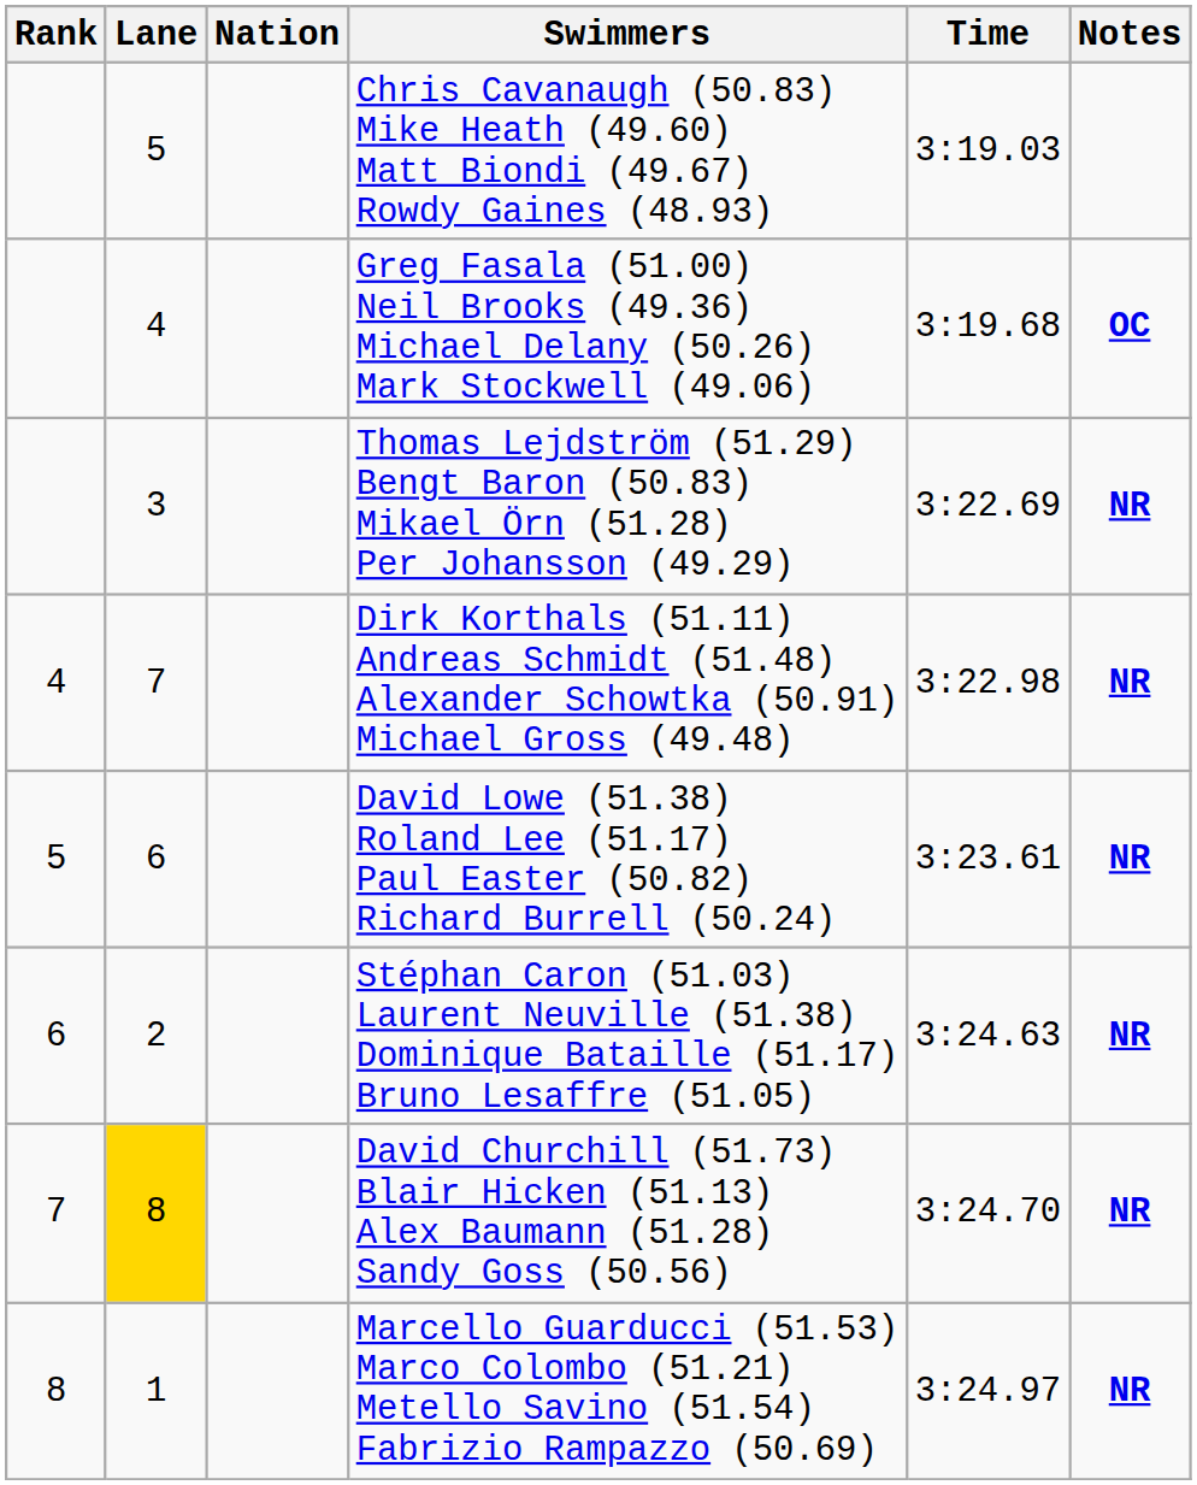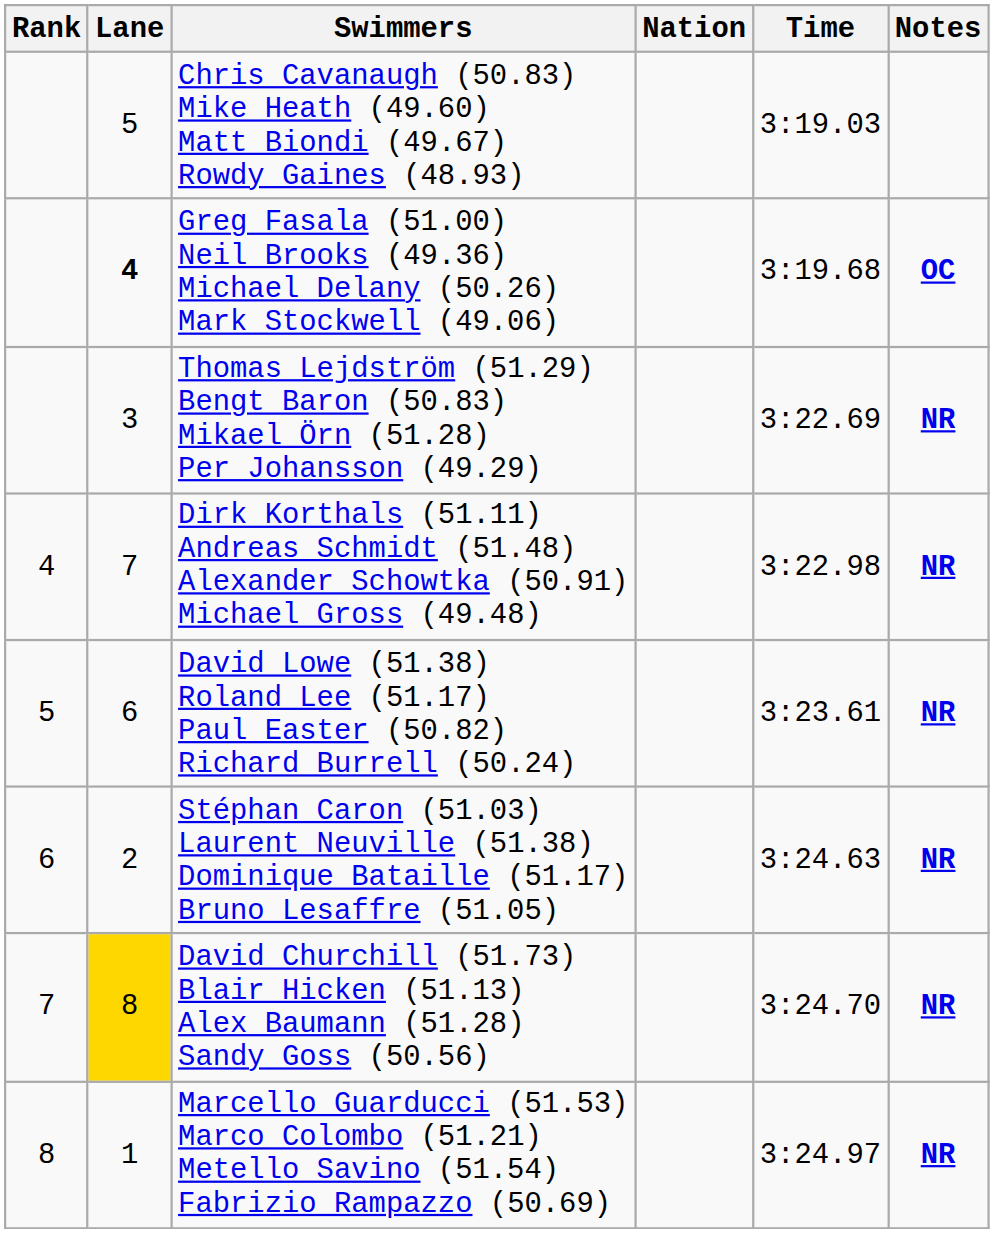 <table class="wikitable sortable" style="text-align:center">
 <tr>
 <th>Rank</th>
 <th>Lane</th>
+<th>Swimmers</th>
 <th>Nation</th>
-<th>Swimmers</th>
 <th>Time</th>
 <th>Notes</th>
 </tr>
 <tr>
 <td></td>
 <td>5</td>
+<td align=left><a href='#'>Chris Cavanaugh</a> (50.83)<br><a href='#'>Mike Heath</a> (49.60)<br><a href='#'>Matt Biondi</a> (49.67)<br><a href='#'>Rowdy Gaines</a> (48.93)</td>
 <td align=left></td>
-<td align=left><a href='#'>Chris Cavanaugh</a> (50.83)<br><a href='#'>Mike Heath</a> (49.60)<br><a href='#'>Matt Biondi</a> (49.67)<br><a href='#'>Rowdy Gaines</a> (48.93)</td>
 <td>3:19.03</td>
 <td></td>
 </tr>
 <tr>
 <td></td>
-<td>4</td>
+<td><strong>4</strong></td>
+<td align=left><a href='#'>Greg Fasala</a> (51.00)<br><a href='#'>Neil Brooks</a> (49.36)<br><a href='#'>Michael Delany</a> (50.26)<br><a href='#'>Mark Stockwell</a> (49.06)</td>
 <td align=left></td>
-<td align=left><a href='#'>Greg Fasala</a> (51.00)<br><a href='#'>Neil Brooks</a> (49.36)<br><a href='#'>Michael Delany</a> (50.26)<br><a href='#'>Mark Stockwell</a> (49.06)</td>
 <td>3:19.68</td>
 <td><strong><a href='#'>OC</a></strong></td>
 </tr>
 <tr>
 <td></td>
 <td>3</td>
+<td align=left><a href='#'>Thomas Lejdström</a> (51.29)<br><a href='#'>Bengt Baron</a> (50.83)<br><a href='#'>Mikael Örn</a> (51.28)<br><a href='#'>Per Johansson</a> (49.29)</td>
 <td align=left></td>
-<td align=left><a href='#'>Thomas Lejdström</a> (51.29)<br><a href='#'>Bengt Baron</a> (50.83)<br><a href='#'>Mikael Örn</a> (51.28)<br><a href='#'>Per Johansson</a> (49.29)</td>
 <td>3:22.69</td>
 <td><strong><a href='#'>NR</a></strong></td>
 </tr>
 <tr>
 <td>4</td>
 <td>7</td>
+<td align=left><a href='#'>Dirk Korthals</a> (51.11)<br><a href='#'>Andreas Schmidt</a> (51.48)<br><a href='#'>Alexander Schowtka</a> (50.91)<br><a href='#'>Michael Gross</a> (49.48)</td>
 <td align=left></td>
-<td align=left><a href='#'>Dirk Korthals</a> (51.11)<br><a href='#'>Andreas Schmidt</a> (51.48)<br><a href='#'>Alexander Schowtka</a> (50.91)<br><a href='#'>Michael Gross</a> (49.48)</td>
 <td>3:22.98</td>
 <td><strong><a href='#'>NR</a></strong></td>
 </tr>
 <tr>
 <td>5</td>
 <td>6</td>
+<td align=left><a href='#'>David Lowe</a> (51.38)<br><a href='#'>Roland Lee</a> (51.17)<br><a href='#'>Paul Easter</a> (50.82)<br><a href='#'>Richard Burrell</a> (50.24)</td>
 <td align=left></td>
-<td align=left><a href='#'>David Lowe</a> (51.38)<br><a href='#'>Roland Lee</a> (51.17)<br><a href='#'>Paul Easter</a> (50.82)<br><a href='#'>Richard Burrell</a> (50.24)</td>
 <td>3:23.61</td>
 <td><strong><a href='#'>NR</a></strong></td>
 </tr>
 <tr>
 <td>6</td>
 <td>2</td>
+<td align=left><a href='#'>Stéphan Caron</a> (51.03)<br><a href='#'>Laurent Neuville</a> (51.38)<br><a href='#'>Dominique Bataille</a> (51.17)<br><a href='#'>Bruno Lesaffre</a> (51.05)</td>
 <td align=left></td>
-<td align=left><a href='#'>Stéphan Caron</a> (51.03)<br><a href='#'>Laurent Neuville</a> (51.38)<br><a href='#'>Dominique Bataille</a> (51.17)<br><a href='#'>Bruno Lesaffre</a> (51.05)</td>
 <td>3:24.63</td>
 <td><strong><a href='#'>NR</a></strong></td>
 </tr>
 <tr>
 <td>7</td>
 <td style="background: gold;">8</td>
+<td align=left><a href='#'>David Churchill</a> (51.73)<br><a href='#'>Blair Hicken</a> (51.13)<br><a href='#'>Alex Baumann</a> (51.28)<br><a href='#'>Sandy Goss</a> (50.56)</td>
 <td align=left></td>
-<td align=left><a href='#'>David Churchill</a> (51.73)<br><a href='#'>Blair Hicken</a> (51.13)<br><a href='#'>Alex Baumann</a> (51.28)<br><a href='#'>Sandy Goss</a> (50.56)</td>
 <td>3:24.70</td>
 <td><strong><a href='#'>NR</a></strong></td>
 </tr>
 <tr>
 <td>8</td>
 <td>1</td>
+<td align=left><a href='#'>Marcello Guarducci</a> (51.53)<br><a href='#'>Marco Colombo</a> (51.21)<br><a href='#'>Metello Savino</a> (51.54)<br><a href='#'>Fabrizio Rampazzo</a> (50.69)</td>
 <td align=left></td>
-<td align=left><a href='#'>Marcello Guarducci</a> (51.53)<br><a href='#'>Marco Colombo</a> (51.21)<br><a href='#'>Metello Savino</a> (51.54)<br><a href='#'>Fabrizio Rampazzo</a> (50.69)</td>
 <td>3:24.97</td>
 <td><strong><a href='#'>NR</a></strong></td>
 </tr>
 </table>
